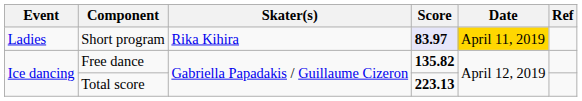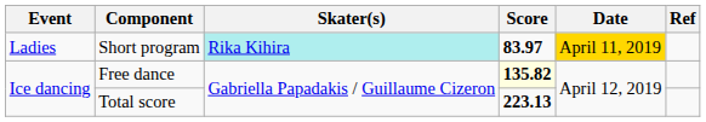 <table class="wikitable sortable">
 <tr>
 <th>Event</th>
 <th class="unsortable">Component</th>
 <th>Skater(s)</th>
 <th>Score</th>
 <th>Date</th>
 <th class="unsortable">Ref</th>
 </tr>
 <tr>
 <td><a href='#'>Ladies</a></td>
 <td>Short program</td>
-<td> <a href='#'>Rika Kihira</a></td>
-<td style="background: lavender;"><strong>83.97</strong></td>
+<td style="background: paleturquoise;"> <a href='#'>Rika Kihira</a></td>
+<td><strong>83.97</strong></td>
 <td style="background: gold;">April 11, 2019</td>
 <td></td>
 </tr>
 <tr>
 <td rowspan=2><a href='#'>Ice dancing</a></td>
 <td>Free dance</td>
 <td rowspan=2> <a href='#'>Gabriella Papadakis</a> / <a href='#'>Guillaume Cizeron</a></td>
-<td><strong>135.82</strong></td>
+<td style="background: lightyellow;"><strong>135.82</strong></td>
 <td rowspan=2>April 12, 2019</td>
 <td></td>
 </tr>
 <tr>
 <td>Total score</td>
 <td><strong>223.13</strong></td>
 <td></td>
 </tr>
 </table>
